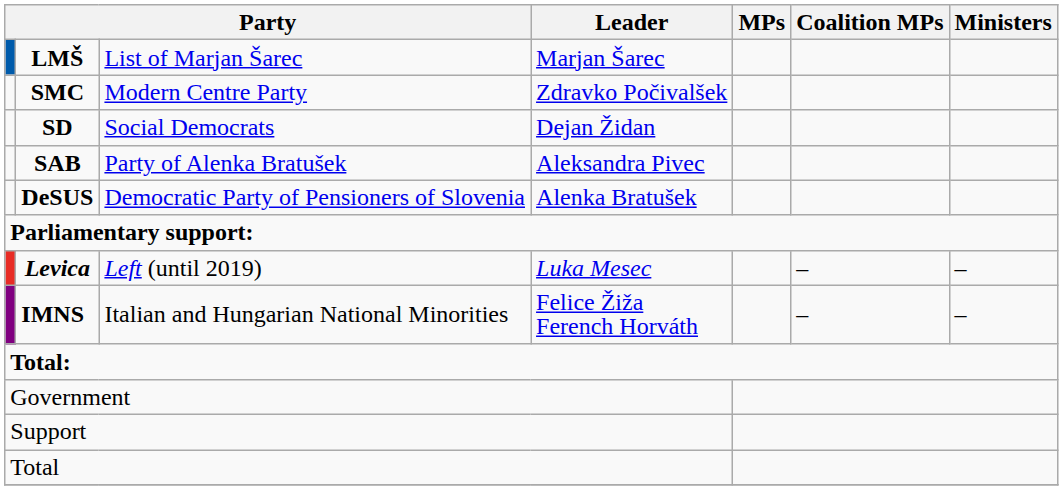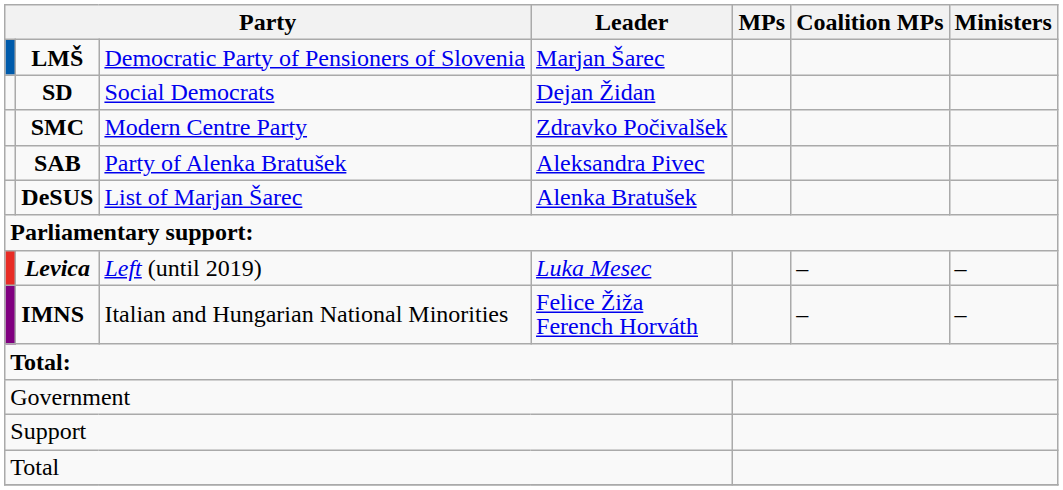 <table class="wikitable" style="line-height:16px;">
 <tr>
 <th colspan="3">Party</th>
 <th>Leader</th>
 <th>MPs</th>
 <th>Coalition MPs</th>
 <th>Ministers</th>
 </tr>
 <tr>
 <td style="background:#005bab"></td>
 <td style="text-align:center;"><strong>LMŠ</strong></td>
-<td><a href='#'>List of Marjan Šarec</a><br></td>
+<td><a href='#'>Democratic Party of Pensioners of Slovenia</a><br></td>
 <td><a href='#'>Marjan Šarec</a><br></td>
+<td></td>
+<td></td>
+<td></td>
+</tr>
+<tr>
+<td style="background:"></td>
+<td style="text-align:center;"><strong>SD</strong></td>
+<td><a href='#'>Social Democrats</a><br></td>
+<td><a href='#'>Dejan Židan</a><br></td>
 <td></td>
 <td></td>
 <td></td>
 </tr>
 <tr>
 <td style="background:"></td>
 <td style="text-align:center;"><strong>SMC</strong></td>
 <td><a href='#'>Modern Centre Party</a><br></td>
 <td><a href='#'>Zdravko Počivalšek</a><br></td>
-<td></td>
-<td></td>
-<td></td>
-</tr>
-<tr>
-<td style="background:"></td>
-<td style="text-align:center;"><strong>SD</strong></td>
-<td><a href='#'>Social Democrats</a><br></td>
-<td><a href='#'>Dejan Židan</a><br></td>
 <td></td>
 <td></td>
 <td></td>
 </tr>
 <tr>
 <td style="background:"></td>
 <td style="text-align:center;"><strong>SAB</strong></td>
 <td><a href='#'>Party of Alenka Bratušek</a><br></td>
 <td><a href='#'>Aleksandra Pivec</a><br></td>
 <td></td>
 <td></td>
 <td></td>
 </tr>
 <tr>
 <td style="background:"></td>
 <td style="text-align:center;"><strong>DeSUS</strong></td>
-<td><a href='#'>Democratic Party of Pensioners of Slovenia</a><br></td>
+<td><a href='#'>List of Marjan Šarec</a><br></td>
 <td><a href='#'>Alenka Bratušek</a><br></td>
 <td></td>
 <td></td>
 <td></td>
 </tr>
 <tr>
 <td colspan="7"><strong>Parliamentary support:</strong></td>
 </tr>
 <tr>
 <td style="background:#e82c25;"></td>
 <td style="text-align:center;"><strong><em>Levica</em></strong></td>
 <td><em><a href='#'>Left</a></em> (until 2019)<br></td>
 <td><em><a href='#'>Luka Mesec</a></em></td>
 <td></td>
 <td>–</td>
 <td>–</td>
 </tr>
 <tr>
 <td style="background:purple"></td>
 <td><strong>IMNS</strong></td>
 <td>Italian and Hungarian National Minorities<br></td>
 <td><a href='#'>Felice Žiža</a><br><a href='#'>Ferench Horváth</a></td>
 <td></td>
 <td>–</td>
 <td>–</td>
 </tr>
 <tr>
 <td colspan="7"><strong>Total:</strong></td>
 </tr>
 <tr>
 <td colspan="4">Government</td>
 <td colspan="3"></td>
 </tr>
 <tr>
 <td colspan="4">Support</td>
 <td colspan="3"></td>
 </tr>
 <tr>
 <td colspan="4">Total</td>
 <td colspan="3"></td>
 </tr>
 <tr>
 </tr>
 </table>
